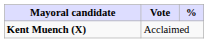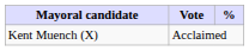 <table class="wikitable">
 <tr>
 <th style="background:#ddf; width:200px;">Mayoral candidate</th>
 <th style="background:#ddf; width:50px;">Vote</th>
 <th style="background:#ddf; width:30px;">%</th>
 </tr>
 <tr>
-<td><strong>Kent Muench (X)</strong></td>
+<td>Kent Muench (X)</td>
 <td colspan="2">Acclaimed</td>
 </tr>
 </table>
